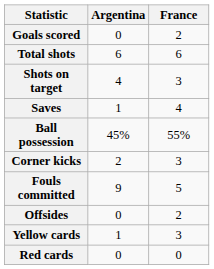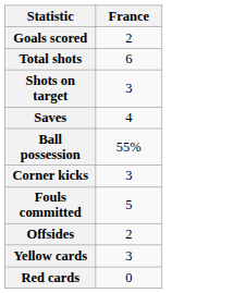 <table class="wikitable plainrowheaders" style="text-align:center; display:inline-table;">
 <tr>
 <th scope="col" style="width:100px">Statistic</th>
-<th scope="col" style="width:70px">Argentina</th>
 <th scope="col" style="width:70px">France</th>
 </tr>
 <tr>
 <th scope=row>Goals scored</th>
-<td>0</td>
 <td>2</td>
 </tr>
 <tr>
 <th scope=row>Total shots</th>
 <td>6</td>
-<td>6</td>
 </tr>
 <tr>
 <th scope=row>Shots on target</th>
-<td>4</td>
 <td>3</td>
 </tr>
 <tr>
 <th scope=row>Saves</th>
-<td>1</td>
 <td>4</td>
 </tr>
 <tr>
 <th scope=row>Ball possession</th>
-<td>45%</td>
 <td>55%</td>
 </tr>
 <tr>
 <th scope=row>Corner kicks</th>
-<td>2</td>
 <td>3</td>
 </tr>
 <tr>
 <th scope=row>Fouls committed</th>
-<td>9</td>
 <td>5</td>
 </tr>
 <tr>
 <th scope=row>Offsides</th>
-<td>0</td>
 <td>2</td>
 </tr>
 <tr>
 <th scope=row>Yellow cards</th>
-<td>1</td>
 <td>3</td>
 </tr>
 <tr>
 <th scope=row>Red cards</th>
 <td>0</td>
-<td>0</td>
 </tr>
 </table>
